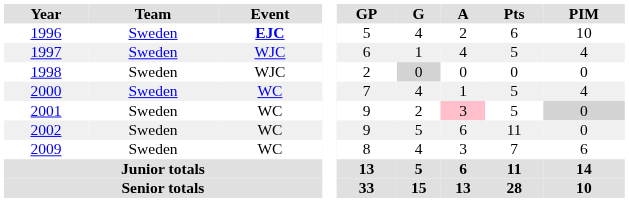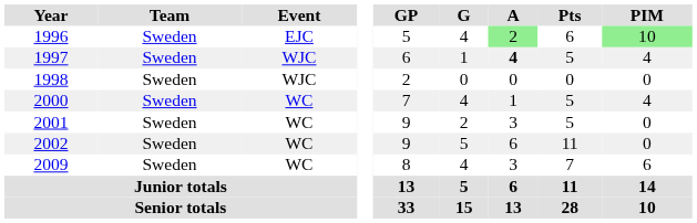 <table border="0" cellpadding="1" cellspacing="0" style="text-align:center; width:40em">
 <tr ALIGN="center" bgcolor="#e0e0e0">
 <th>Year</th>
 <th>Team</th>
 <th>Event</th>
 <th rowspan="99" bgcolor="#ffffff"> </th>
 <th>GP</th>
 <th>G</th>
 <th>A</th>
 <th>Pts</th>
 <th>PIM</th>
 </tr>
 <tr>
 <td><a href='#'>1996</a></td>
 <td><a href='#'>Sweden</a></td>
-<td><strong><a href='#'>EJC</a></strong></td>
+<td><a href='#'>EJC</a></td>
 <td>5</td>
 <td>4</td>
-<td>2</td>
+<td style="background: lightgreen;">2</td>
 <td>6</td>
-<td>10</td>
+<td style="background: lightgreen;">10</td>
 </tr>
 <tr bgcolor="#f0f0f0">
 <td><a href='#'>1997</a></td>
 <td><a href='#'>Sweden</a></td>
 <td><a href='#'>WJC</a></td>
 <td>6</td>
 <td>1</td>
-<td>4</td>
+<td><strong>4</strong></td>
 <td>5</td>
 <td>4</td>
 </tr>
 <tr>
 <td><a href='#'>1998</a></td>
 <td>Sweden</td>
 <td>WJC</td>
 <td>2</td>
-<td style="background: lightgrey;">0</td>
+<td>0</td>
 <td>0</td>
 <td>0</td>
 <td>0</td>
 </tr>
 <tr bgcolor="#f0f0f0">
 <td><a href='#'>2000</a></td>
 <td><a href='#'>Sweden</a></td>
 <td><a href='#'>WC</a></td>
 <td>7</td>
 <td>4</td>
 <td>1</td>
 <td>5</td>
 <td>4</td>
 </tr>
 <tr>
 <td><a href='#'>2001</a></td>
 <td>Sweden</td>
 <td>WC</td>
 <td>9</td>
 <td>2</td>
-<td style="background: pink;">3</td>
+<td>3</td>
 <td>5</td>
-<td style="background: lightgrey;">0</td>
+<td>0</td>
 </tr>
 <tr bgcolor="#f0f0f0">
 <td><a href='#'>2002</a></td>
 <td>Sweden</td>
 <td>WC</td>
 <td>9</td>
 <td>5</td>
 <td>6</td>
 <td>11</td>
 <td>0</td>
 </tr>
 <tr>
 <td><a href='#'>2009</a></td>
 <td>Sweden</td>
 <td>WC</td>
 <td>8</td>
 <td>4</td>
 <td>3</td>
 <td>7</td>
 <td>6</td>
 </tr>
 <tr bgcolor="#e0e0e0">
 <th colspan=3>Junior totals</th>
 <th>13</th>
 <th>5</th>
 <th>6</th>
 <th>11</th>
 <th>14</th>
 </tr>
 <tr bgcolor="#e0e0e0">
 <th colspan=3>Senior totals</th>
 <th>33</th>
 <th>15</th>
 <th>13</th>
 <th>28</th>
 <th>10</th>
 </tr>
 </table>
